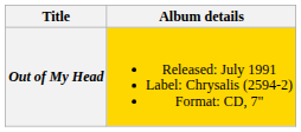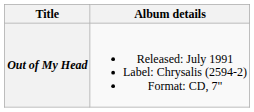 <table class="wikitable plainrowheaders" style="text-align:center;" border="1">
 <tr>
 <th>Title</th>
 <th>Album details</th>
 </tr>
 <tr>
 <th scope="row"><em>Out of My Head</em></th>
-<td style="background: gold;"><br><ul><li>Released: July 1991</li><li>Label: Chrysalis (2594-2)</li><li>Format: CD, 7"</li></ul></td>
+<td><br><ul><li>Released: July 1991</li><li>Label: Chrysalis (2594-2)</li><li>Format: CD, 7"</li></ul></td>
 </tr>
 </table>
